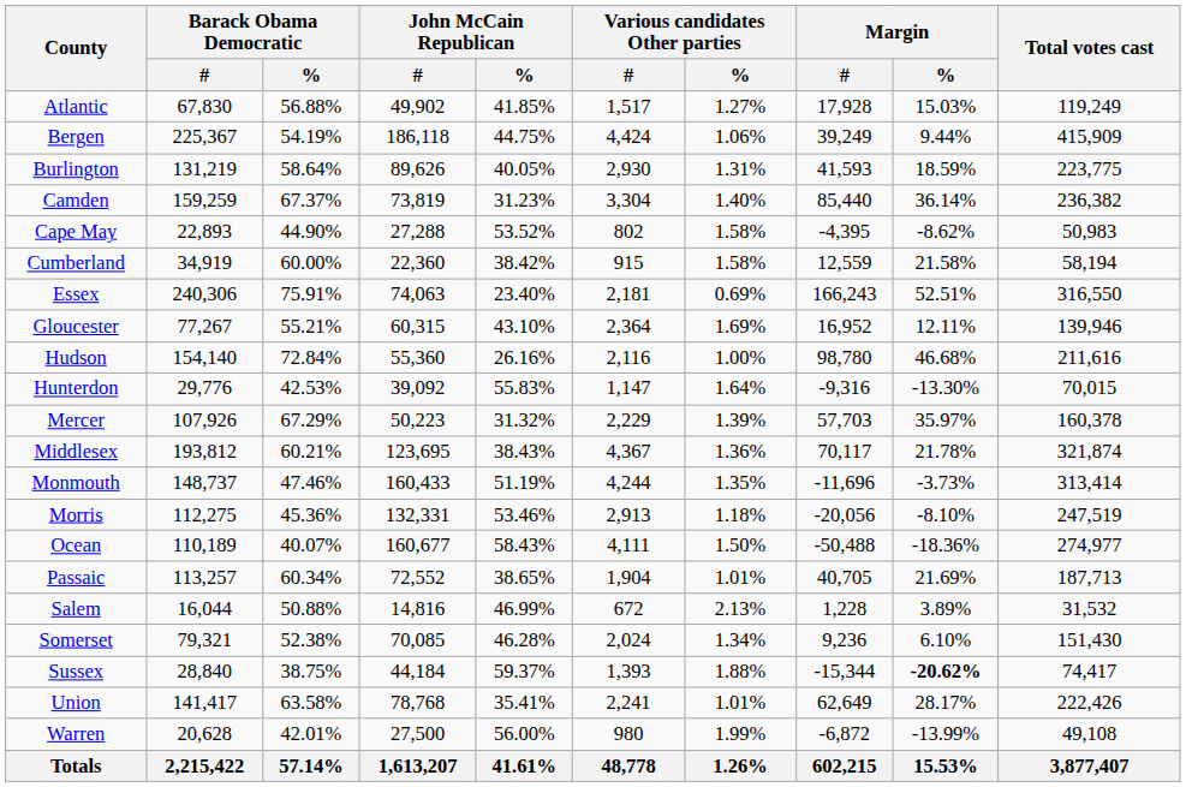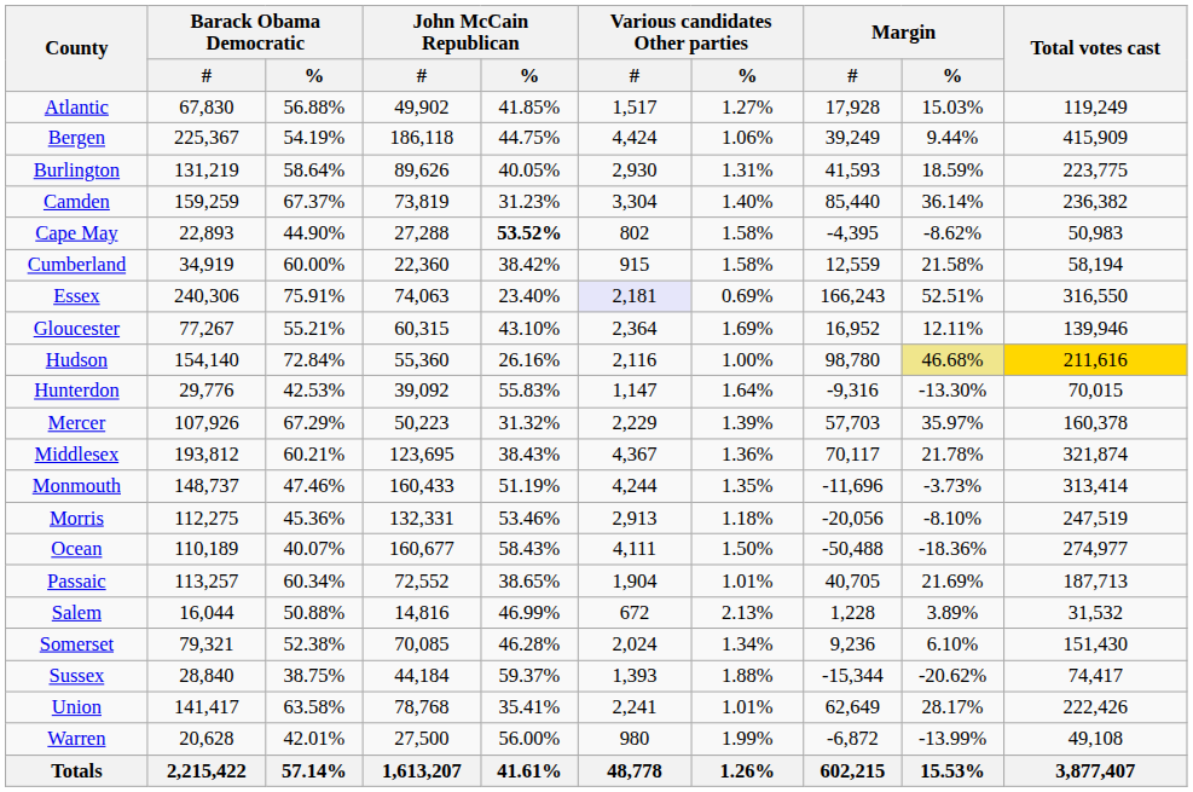 <table width="60%"  class="wikitable sortable" style="text-align:center">
 <tr>
 <th style="text-align:center;" rowspan="2">County</th>
 <th style="text-align:center;" colspan="2">Barack Obama<br>Democratic</th>
 <th style="text-align:center;" colspan="2">John McCain<br>Republican</th>
 <th style="text-align:center;" colspan="2">Various candidates<br>Other parties</th>
 <th style="text-align:center;" colspan="2">Margin</th>
 <th style="text-align:center;" rowspan="2">Total votes cast</th>
 </tr>
 <tr>
 <th style="text-align:center;" data-sort-type="number">#</th>
 <th style="text-align:center;" data-sort-type="number">%</th>
 <th style="text-align:center;" data-sort-type="number">#</th>
 <th style="text-align:center;" data-sort-type="number">%</th>
 <th style="text-align:center;" data-sort-type="number">#</th>
 <th style="text-align:center;" data-sort-type="number">%</th>
 <th style="text-align:center;" data-sort-type="number">#</th>
 <th style="text-align:center;" data-sort-type="number">%</th>
 </tr>
 <tr style="text-align:center;">
 <td><a href='#'>Atlantic</a></td>
 <td>67,830</td>
 <td>56.88%</td>
 <td>49,902</td>
 <td>41.85%</td>
 <td>1,517</td>
 <td>1.27%</td>
 <td>17,928</td>
 <td>15.03%</td>
 <td>119,249</td>
 </tr>
 <tr style="text-align:center;">
 <td><a href='#'>Bergen</a></td>
 <td>225,367</td>
 <td>54.19%</td>
 <td>186,118</td>
 <td>44.75%</td>
 <td>4,424</td>
 <td>1.06%</td>
 <td>39,249</td>
 <td>9.44%</td>
 <td>415,909</td>
 </tr>
 <tr style="text-align:center;">
 <td><a href='#'>Burlington</a></td>
 <td>131,219</td>
 <td>58.64%</td>
 <td>89,626</td>
 <td>40.05%</td>
 <td>2,930</td>
 <td>1.31%</td>
 <td>41,593</td>
 <td>18.59%</td>
 <td>223,775</td>
 </tr>
 <tr style="text-align:center;">
 <td><a href='#'>Camden</a></td>
 <td>159,259</td>
 <td>67.37%</td>
 <td>73,819</td>
 <td>31.23%</td>
 <td>3,304</td>
 <td>1.40%</td>
 <td>85,440</td>
 <td>36.14%</td>
 <td>236,382</td>
 </tr>
 <tr style="text-align:center;">
 <td><a href='#'>Cape May</a></td>
 <td>22,893</td>
 <td>44.90%</td>
 <td>27,288</td>
-<td>53.52%</td>
+<td><strong>53.52%</strong></td>
 <td>802</td>
 <td>1.58%</td>
 <td>-4,395</td>
 <td>-8.62%</td>
 <td>50,983</td>
 </tr>
 <tr style="text-align:center;">
 <td><a href='#'>Cumberland</a></td>
 <td>34,919</td>
 <td>60.00%</td>
 <td>22,360</td>
 <td>38.42%</td>
 <td>915</td>
 <td>1.58%</td>
 <td>12,559</td>
 <td>21.58%</td>
 <td>58,194</td>
 </tr>
 <tr style="text-align:center;">
 <td><a href='#'>Essex</a></td>
 <td>240,306</td>
 <td>75.91%</td>
 <td>74,063</td>
 <td>23.40%</td>
-<td>2,181</td>
+<td style="background: lavender;">2,181</td>
 <td>0.69%</td>
 <td>166,243</td>
 <td>52.51%</td>
 <td>316,550</td>
 </tr>
 <tr style="text-align:center;">
 <td><a href='#'>Gloucester</a></td>
 <td>77,267</td>
 <td>55.21%</td>
 <td>60,315</td>
 <td>43.10%</td>
 <td>2,364</td>
 <td>1.69%</td>
 <td>16,952</td>
 <td>12.11%</td>
 <td>139,946</td>
 </tr>
 <tr style="text-align:center;">
 <td><a href='#'>Hudson</a></td>
 <td>154,140</td>
 <td>72.84%</td>
 <td>55,360</td>
 <td>26.16%</td>
 <td>2,116</td>
 <td>1.00%</td>
 <td>98,780</td>
-<td>46.68%</td>
-<td>211,616</td>
+<td style="background: khaki;">46.68%</td>
+<td style="background: gold;">211,616</td>
 </tr>
 <tr style="text-align:center;">
 <td><a href='#'>Hunterdon</a></td>
 <td>29,776</td>
 <td>42.53%</td>
 <td>39,092</td>
 <td>55.83%</td>
 <td>1,147</td>
 <td>1.64%</td>
 <td>-9,316</td>
 <td>-13.30%</td>
 <td>70,015</td>
 </tr>
 <tr style="text-align:center;">
 <td><a href='#'>Mercer</a></td>
 <td>107,926</td>
 <td>67.29%</td>
 <td>50,223</td>
 <td>31.32%</td>
 <td>2,229</td>
 <td>1.39%</td>
 <td>57,703</td>
 <td>35.97%</td>
 <td>160,378</td>
 </tr>
 <tr style="text-align:center;">
 <td><a href='#'>Middlesex</a></td>
 <td>193,812</td>
 <td>60.21%</td>
 <td>123,695</td>
 <td>38.43%</td>
 <td>4,367</td>
 <td>1.36%</td>
 <td>70,117</td>
 <td>21.78%</td>
 <td>321,874</td>
 </tr>
 <tr style="text-align:center;">
 <td><a href='#'>Monmouth</a></td>
 <td>148,737</td>
 <td>47.46%</td>
 <td>160,433</td>
 <td>51.19%</td>
 <td>4,244</td>
 <td>1.35%</td>
 <td>-11,696</td>
 <td>-3.73%</td>
 <td>313,414</td>
 </tr>
 <tr style="text-align:center;">
 <td><a href='#'>Morris</a></td>
 <td>112,275</td>
 <td>45.36%</td>
 <td>132,331</td>
 <td>53.46%</td>
 <td>2,913</td>
 <td>1.18%</td>
 <td>-20,056</td>
 <td>-8.10%</td>
 <td>247,519</td>
 </tr>
 <tr style="text-align:center;">
 <td><a href='#'>Ocean</a></td>
 <td>110,189</td>
 <td>40.07%</td>
 <td>160,677</td>
 <td>58.43%</td>
 <td>4,111</td>
 <td>1.50%</td>
 <td>-50,488</td>
 <td>-18.36%</td>
 <td>274,977</td>
 </tr>
 <tr style="text-align:center;">
 <td><a href='#'>Passaic</a></td>
 <td>113,257</td>
 <td>60.34%</td>
 <td>72,552</td>
 <td>38.65%</td>
 <td>1,904</td>
 <td>1.01%</td>
 <td>40,705</td>
 <td>21.69%</td>
 <td>187,713</td>
 </tr>
 <tr style="text-align:center;">
 <td><a href='#'>Salem</a></td>
 <td>16,044</td>
 <td>50.88%</td>
 <td>14,816</td>
 <td>46.99%</td>
 <td>672</td>
 <td>2.13%</td>
 <td>1,228</td>
 <td>3.89%</td>
 <td>31,532</td>
 </tr>
 <tr style="text-align:center;">
 <td><a href='#'>Somerset</a></td>
 <td>79,321</td>
 <td>52.38%</td>
 <td>70,085</td>
 <td>46.28%</td>
 <td>2,024</td>
 <td>1.34%</td>
 <td>9,236</td>
 <td>6.10%</td>
 <td>151,430</td>
 </tr>
 <tr style="text-align:center;">
 <td><a href='#'>Sussex</a></td>
 <td>28,840</td>
 <td>38.75%</td>
 <td>44,184</td>
 <td>59.37%</td>
 <td>1,393</td>
 <td>1.88%</td>
 <td>-15,344</td>
-<td><strong>-20.62%</strong></td>
+<td>-20.62%</td>
 <td>74,417</td>
 </tr>
 <tr style="text-align:center;">
 <td><a href='#'>Union</a></td>
 <td>141,417</td>
 <td>63.58%</td>
 <td>78,768</td>
 <td>35.41%</td>
 <td>2,241</td>
 <td>1.01%</td>
 <td>62,649</td>
 <td>28.17%</td>
 <td>222,426</td>
 </tr>
 <tr style="text-align:center;">
 <td><a href='#'>Warren</a></td>
 <td>20,628</td>
 <td>42.01%</td>
 <td>27,500</td>
 <td>56.00%</td>
 <td>980</td>
 <td>1.99%</td>
 <td>-6,872</td>
 <td>-13.99%</td>
 <td>49,108</td>
 </tr>
 <tr>
 <th>Totals</th>
 <th>2,215,422</th>
 <th>57.14%</th>
 <th>1,613,207</th>
 <th>41.61%</th>
 <th>48,778</th>
 <th>1.26%</th>
 <th>602,215</th>
 <th>15.53%</th>
 <th>3,877,407</th>
 </tr>
 </table>
